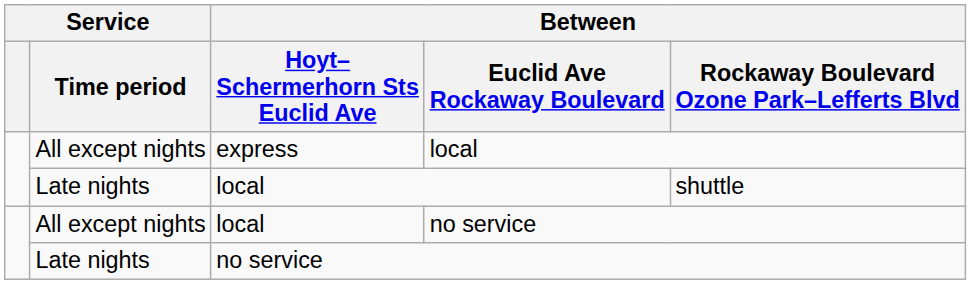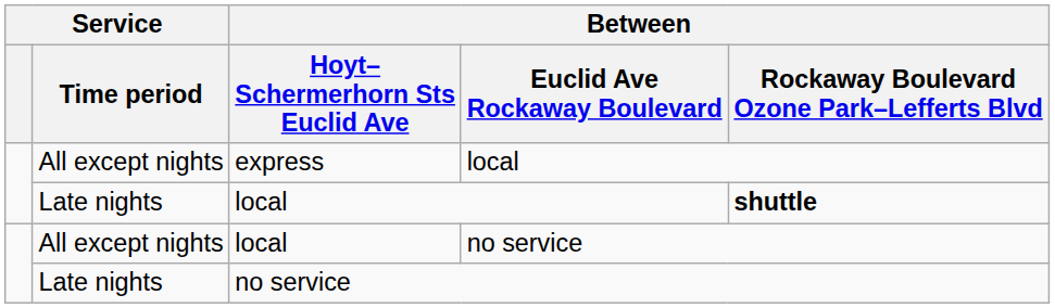 <table class="wikitable">
 <tr>
 <th colspan=2>Service</th>
 <th colspan=3>Between</th>
 </tr>
 <tr>
 <th width=10> </th>
 <th>Time period</th>
 <th><a href='#'>Hoyt–<br>Schermerhorn Sts</a><br><a href='#'>Euclid Ave</a></th>
 <th>Euclid Ave<br><a href='#'>Rockaway Boulevard</a></th>
 <th>Rockaway Boulevard<br><a href='#'>Ozone Park–Lefferts Blvd</a></th>
 </tr>
 <tr>
 <td rowspan=2></td>
 <td>All except nights</td>
 <td>express</td>
 <td colspan=2>local</td>
 </tr>
 <tr>
 <td>Late nights</td>
 <td colspan=2>local</td>
-<td>shuttle</td>
+<td><strong>shuttle</strong></td>
 </tr>
 <tr>
 <td rowspan=2></td>
 <td>All except nights</td>
 <td>local</td>
 <td colspan=2>no service</td>
 </tr>
 <tr>
 <td>Late nights</td>
 <td colspan=3>no service</td>
 </tr>
 </table>
